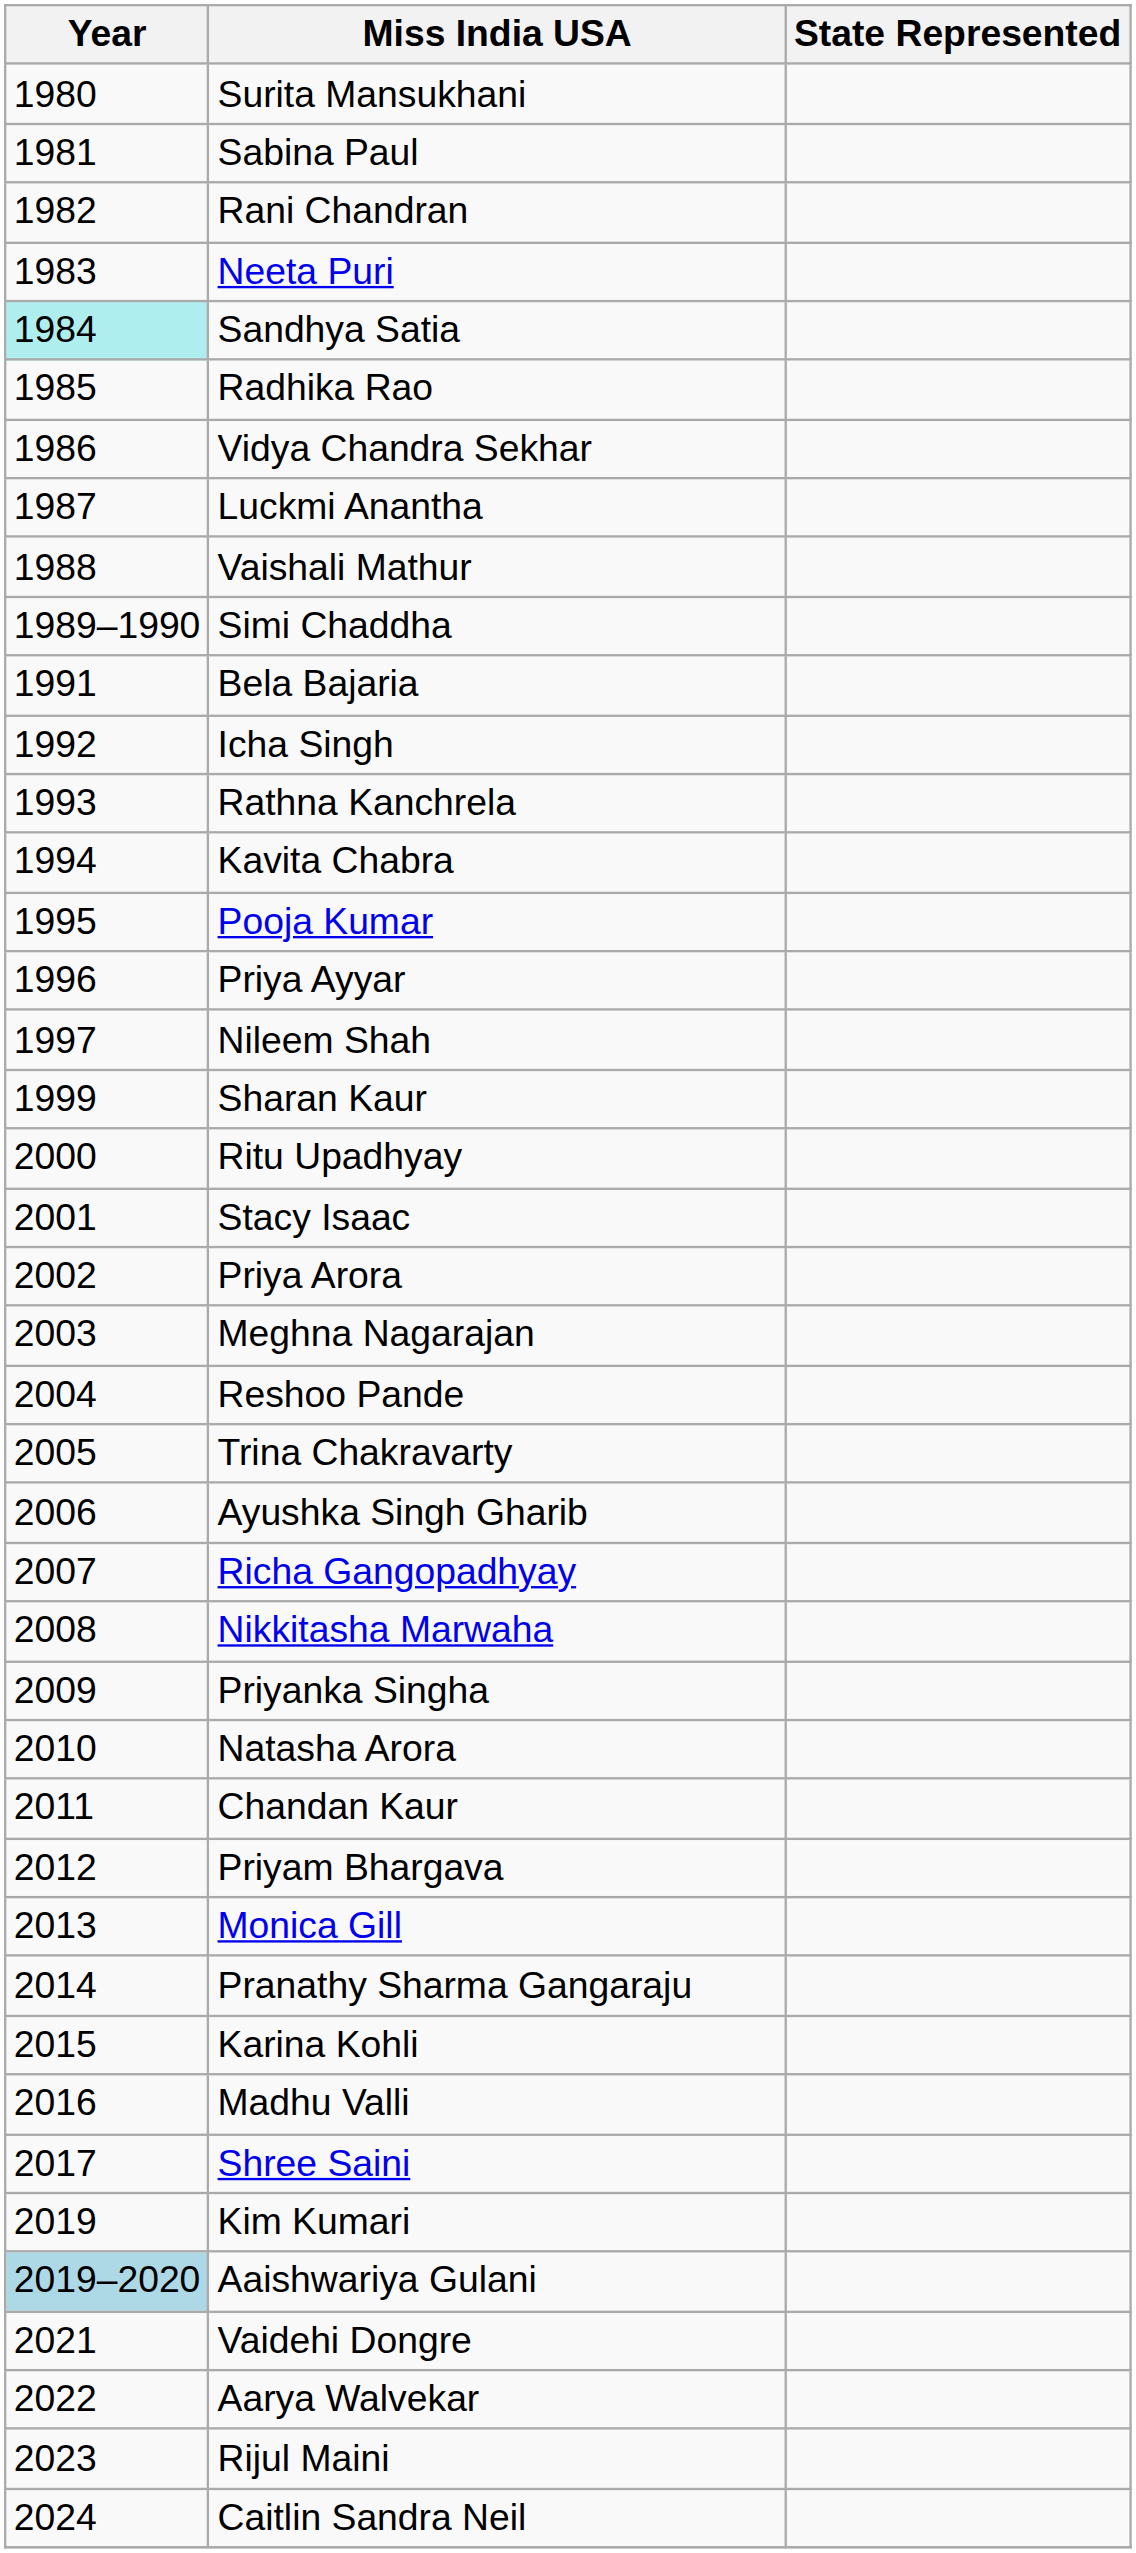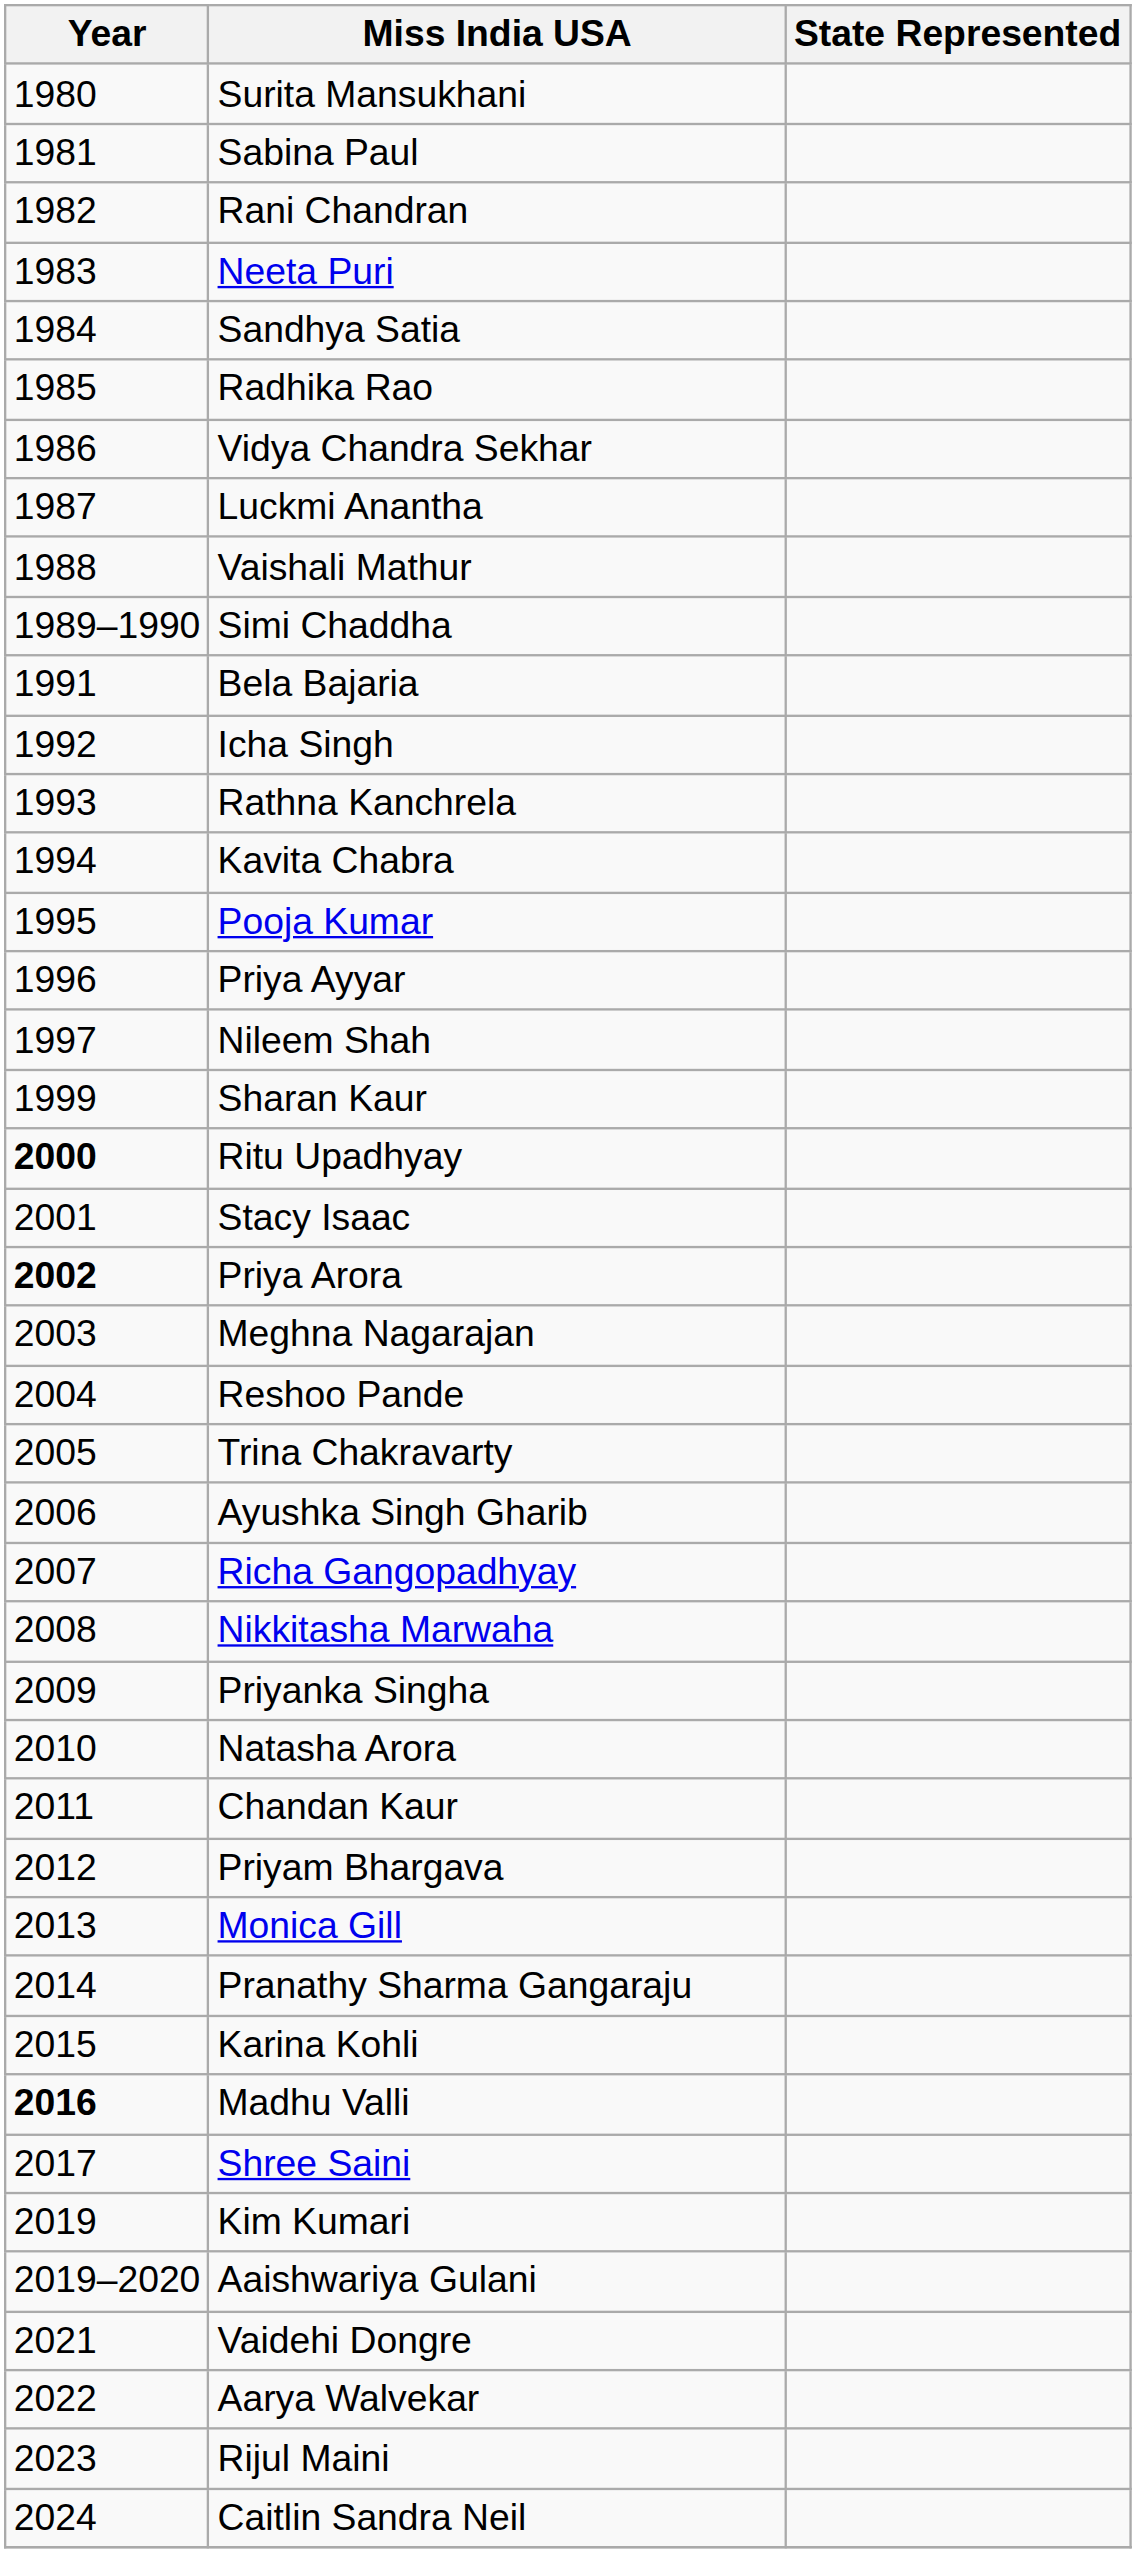 <table class="wikitable sortable">
 <tr>
 <th>Year</th>
 <th style="width: 15em">Miss India USA</th>
 <th>State Represented</th>
 </tr>
 <tr>
 <td>1980</td>
 <td>Surita Mansukhani</td>
 <td></td>
 </tr>
 <tr>
 <td>1981</td>
 <td>Sabina Paul</td>
 <td></td>
 </tr>
 <tr>
 <td>1982</td>
 <td>Rani Chandran</td>
 <td></td>
 </tr>
 <tr>
 <td>1983</td>
 <td><a href='#'>Neeta Puri</a></td>
 <td></td>
 </tr>
 <tr>
-<td style="background: paleturquoise;">1984</td>
+<td>1984</td>
 <td>Sandhya Satia</td>
 <td></td>
 </tr>
 <tr>
 <td>1985</td>
 <td>Radhika Rao</td>
 <td></td>
 </tr>
 <tr>
 <td>1986</td>
 <td>Vidya Chandra Sekhar</td>
 <td></td>
 </tr>
 <tr>
 <td>1987</td>
 <td>Luckmi Anantha</td>
 <td></td>
 </tr>
 <tr>
 <td>1988</td>
 <td>Vaishali Mathur</td>
 <td></td>
 </tr>
 <tr>
 <td>1989–1990</td>
 <td>Simi Chaddha</td>
 <td></td>
 </tr>
 <tr>
 <td>1991</td>
 <td>Bela Bajaria</td>
 <td></td>
 </tr>
 <tr>
 <td>1992</td>
 <td>Icha Singh</td>
 <td></td>
 </tr>
 <tr>
 <td>1993</td>
 <td>Rathna Kanchrela</td>
 <td></td>
 </tr>
 <tr>
 <td>1994</td>
 <td>Kavita Chabra</td>
 <td></td>
 </tr>
 <tr>
 <td>1995</td>
 <td><a href='#'>Pooja Kumar</a></td>
 <td></td>
 </tr>
 <tr>
 <td>1996</td>
 <td>Priya Ayyar</td>
 <td></td>
 </tr>
 <tr>
 <td>1997</td>
 <td>Nileem Shah</td>
 <td></td>
 </tr>
 <tr>
 <td>1999</td>
 <td>Sharan Kaur</td>
 <td></td>
 </tr>
 <tr>
-<td>2000</td>
+<td><strong>2000</strong></td>
 <td>Ritu Upadhyay</td>
 <td></td>
 </tr>
 <tr>
 <td>2001</td>
 <td>Stacy Isaac</td>
 <td></td>
 </tr>
 <tr>
-<td>2002</td>
+<td><strong>2002</strong></td>
 <td>Priya Arora</td>
 <td></td>
 </tr>
 <tr>
 <td>2003</td>
 <td>Meghna Nagarajan</td>
 <td></td>
 </tr>
 <tr>
 <td>2004</td>
 <td>Reshoo Pande</td>
 <td></td>
 </tr>
 <tr>
 <td>2005</td>
 <td>Trina Chakravarty</td>
 <td></td>
 </tr>
 <tr>
 <td>2006</td>
 <td>Ayushka Singh Gharib</td>
 <td></td>
 </tr>
 <tr>
 <td>2007</td>
 <td><a href='#'>Richa Gangopadhyay</a></td>
 <td></td>
 </tr>
 <tr>
 <td>2008</td>
 <td><a href='#'>Nikkitasha Marwaha</a></td>
 <td></td>
 </tr>
 <tr>
 <td>2009</td>
 <td>Priyanka Singha</td>
 <td></td>
 </tr>
 <tr>
 <td>2010</td>
 <td>Natasha Arora</td>
 <td></td>
 </tr>
 <tr>
 <td>2011</td>
 <td>Chandan Kaur</td>
 <td></td>
 </tr>
 <tr>
 <td>2012</td>
 <td>Priyam Bhargava</td>
 <td></td>
 </tr>
 <tr>
 <td>2013</td>
 <td><a href='#'>Monica Gill</a></td>
 <td></td>
 </tr>
 <tr>
 <td>2014</td>
 <td>Pranathy Sharma Gangaraju</td>
 <td></td>
 </tr>
 <tr>
 <td>2015</td>
 <td>Karina Kohli</td>
 <td></td>
 </tr>
 <tr>
-<td>2016</td>
+<td><strong>2016</strong></td>
 <td>Madhu Valli</td>
 <td></td>
 </tr>
 <tr>
 <td>2017</td>
 <td><a href='#'>Shree Saini</a></td>
 <td></td>
 </tr>
 <tr>
 <td>2019</td>
 <td>Kim Kumari</td>
 <td></td>
 </tr>
 <tr>
-<td style="background: lightblue;">2019–2020</td>
+<td>2019–2020</td>
 <td>Aaishwariya Gulani</td>
 <td></td>
 </tr>
 <tr>
 <td>2021</td>
 <td>Vaidehi Dongre</td>
 <td></td>
 </tr>
 <tr>
 <td>2022</td>
 <td>Aarya Walvekar</td>
 <td></td>
 </tr>
 <tr>
 <td>2023</td>
 <td>Rijul Maini</td>
 <td></td>
 </tr>
 <tr>
 <td>2024</td>
 <td>Caitlin Sandra Neil</td>
 <td></td>
 </tr>
 <tr>
 </tr>
 </table>
